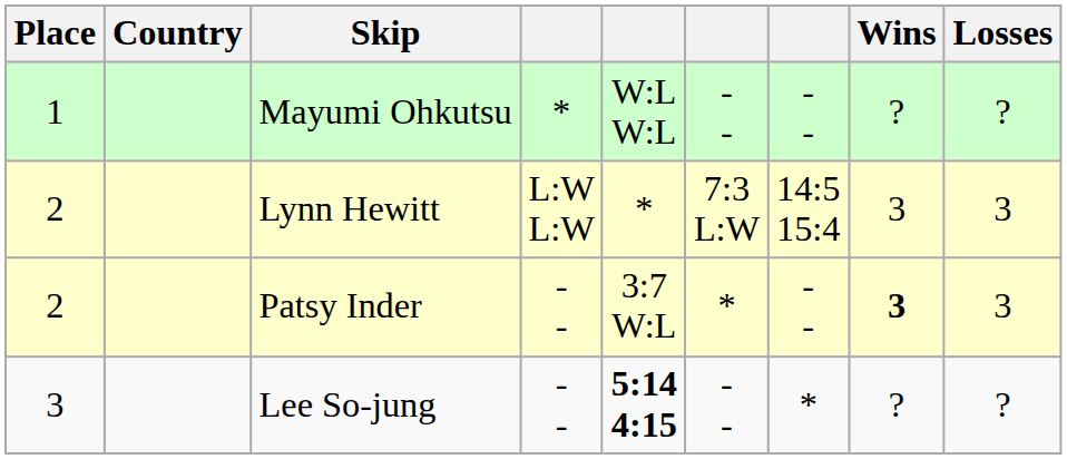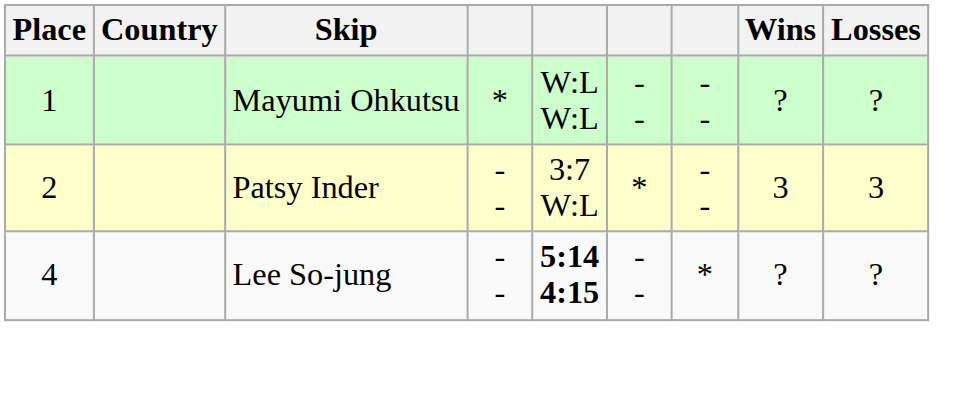 <table class="wikitable" style="text-align:center;">
 <tr>
 <th>Place</th>
 <th>Country</th>
 <th>Skip</th>
 <th width="25"></th>
 <th width="25"></th>
 <th width="25"></th>
 <th width="25"></th>
 <th>Wins</th>
 <th>Losses</th>
 </tr>
 <tr bgcolor=#ccffcc>
 <td>1</td>
 <td align=left></td>
 <td align=left>Mayumi Ohkutsu</td>
 <td>*</td>
 <td>W:L<br> W:L</td>
 <td>- <br>  -</td>
 <td>- <br>  -</td>
 <td>?</td>
 <td>?</td>
 </tr>
 <tr bgcolor=#ffffcc>
 <td>2</td>
 <td align=left></td>
-<td align=left>Lynn Hewitt</td>
-<td>L:W<br> L:W</td>
-<td>*</td>
-<td>7:3<br> L:W</td>
-<td>14:5<br>15:4</td>
-<td>3</td>
-<td>3</td>
-</tr>
-<tr bgcolor=#ffffcc>
-<td>2</td>
-<td align=left></td>
 <td align=left>Patsy Inder</td>
 <td>- <br>  -</td>
 <td>3:7<br> W:L</td>
 <td>*</td>
 <td>- <br>  -</td>
-<td><strong>3</strong></td>
+<td>3</td>
 <td>3</td>
 </tr>
 <tr>
-<td>3</td>
+<td>4</td>
 <td align=left></td>
 <td align=left>Lee So-jung</td>
 <td>- <br>  -</td>
 <td><strong>5:14<br>4:15</strong></td>
 <td>- <br>  -</td>
 <td>*</td>
 <td>?</td>
 <td>?</td>
 </tr>
 </table>
